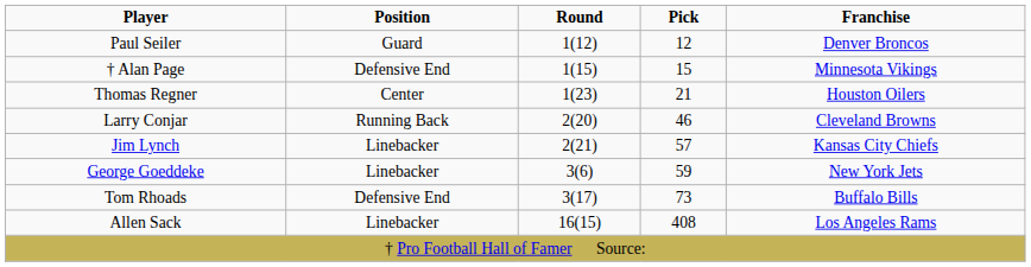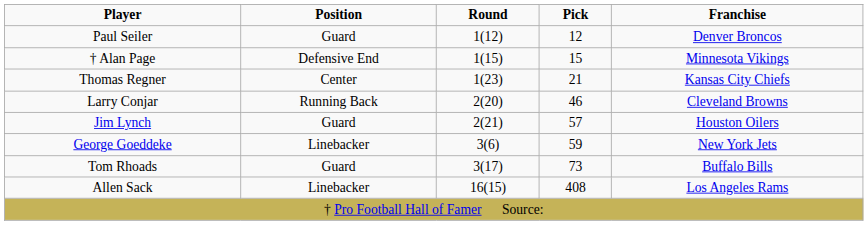 <table class="wikitable" width="80%" style="text-align:center; width:80%;">
 <tr align="center">
 <td><strong>Player</strong></td>
 <td><strong>Position</strong></td>
 <td><strong>Round</strong></td>
 <td><strong>Pick</strong></td>
 <td><strong>Franchise</strong></td>
 </tr>
 <tr>
 <td>Paul Seiler</td>
 <td>Guard</td>
 <td>1(12)</td>
 <td>12</td>
 <td><a href='#'>Denver Broncos</a></td>
 </tr>
 <tr>
 <td>† Alan Page</td>
 <td>Defensive End</td>
 <td>1(15)</td>
 <td>15</td>
 <td><a href='#'>Minnesota Vikings</a></td>
 </tr>
 <tr>
 <td>Thomas Regner</td>
 <td>Center</td>
 <td>1(23)</td>
 <td>21</td>
-<td><a href='#'>Houston Oilers</a></td>
+<td><a href='#'>Kansas City Chiefs</a></td>
 </tr>
 <tr>
 <td>Larry Conjar</td>
 <td>Running Back</td>
 <td>2(20)</td>
 <td>46</td>
 <td><a href='#'>Cleveland Browns</a></td>
 </tr>
 <tr>
 <td><a href='#'>Jim Lynch</a></td>
-<td>Linebacker</td>
+<td>Guard</td>
 <td>2(21)</td>
 <td>57</td>
-<td><a href='#'>Kansas City Chiefs</a></td>
+<td><a href='#'>Houston Oilers</a></td>
 </tr>
 <tr>
 <td><a href='#'>George Goeddeke</a></td>
 <td>Linebacker</td>
 <td>3(6)</td>
 <td>59</td>
 <td><a href='#'>New York Jets</a></td>
 </tr>
 <tr>
 <td>Tom Rhoads</td>
-<td>Defensive End</td>
+<td>Guard</td>
 <td>3(17)</td>
 <td>73</td>
 <td><a href='#'>Buffalo Bills</a></td>
 </tr>
 <tr>
 <td>Allen Sack</td>
 <td>Linebacker</td>
 <td>16(15)</td>
 <td>408</td>
 <td><a href='#'>Los Angeles Rams</a></td>
 </tr>
 <tr>
 <td colspan=5 bgcolor="#C5B358"><span>† <a href='#'>Pro Football Hall of Famer</a>      Source:</span></td>
 </tr>
 </table>
